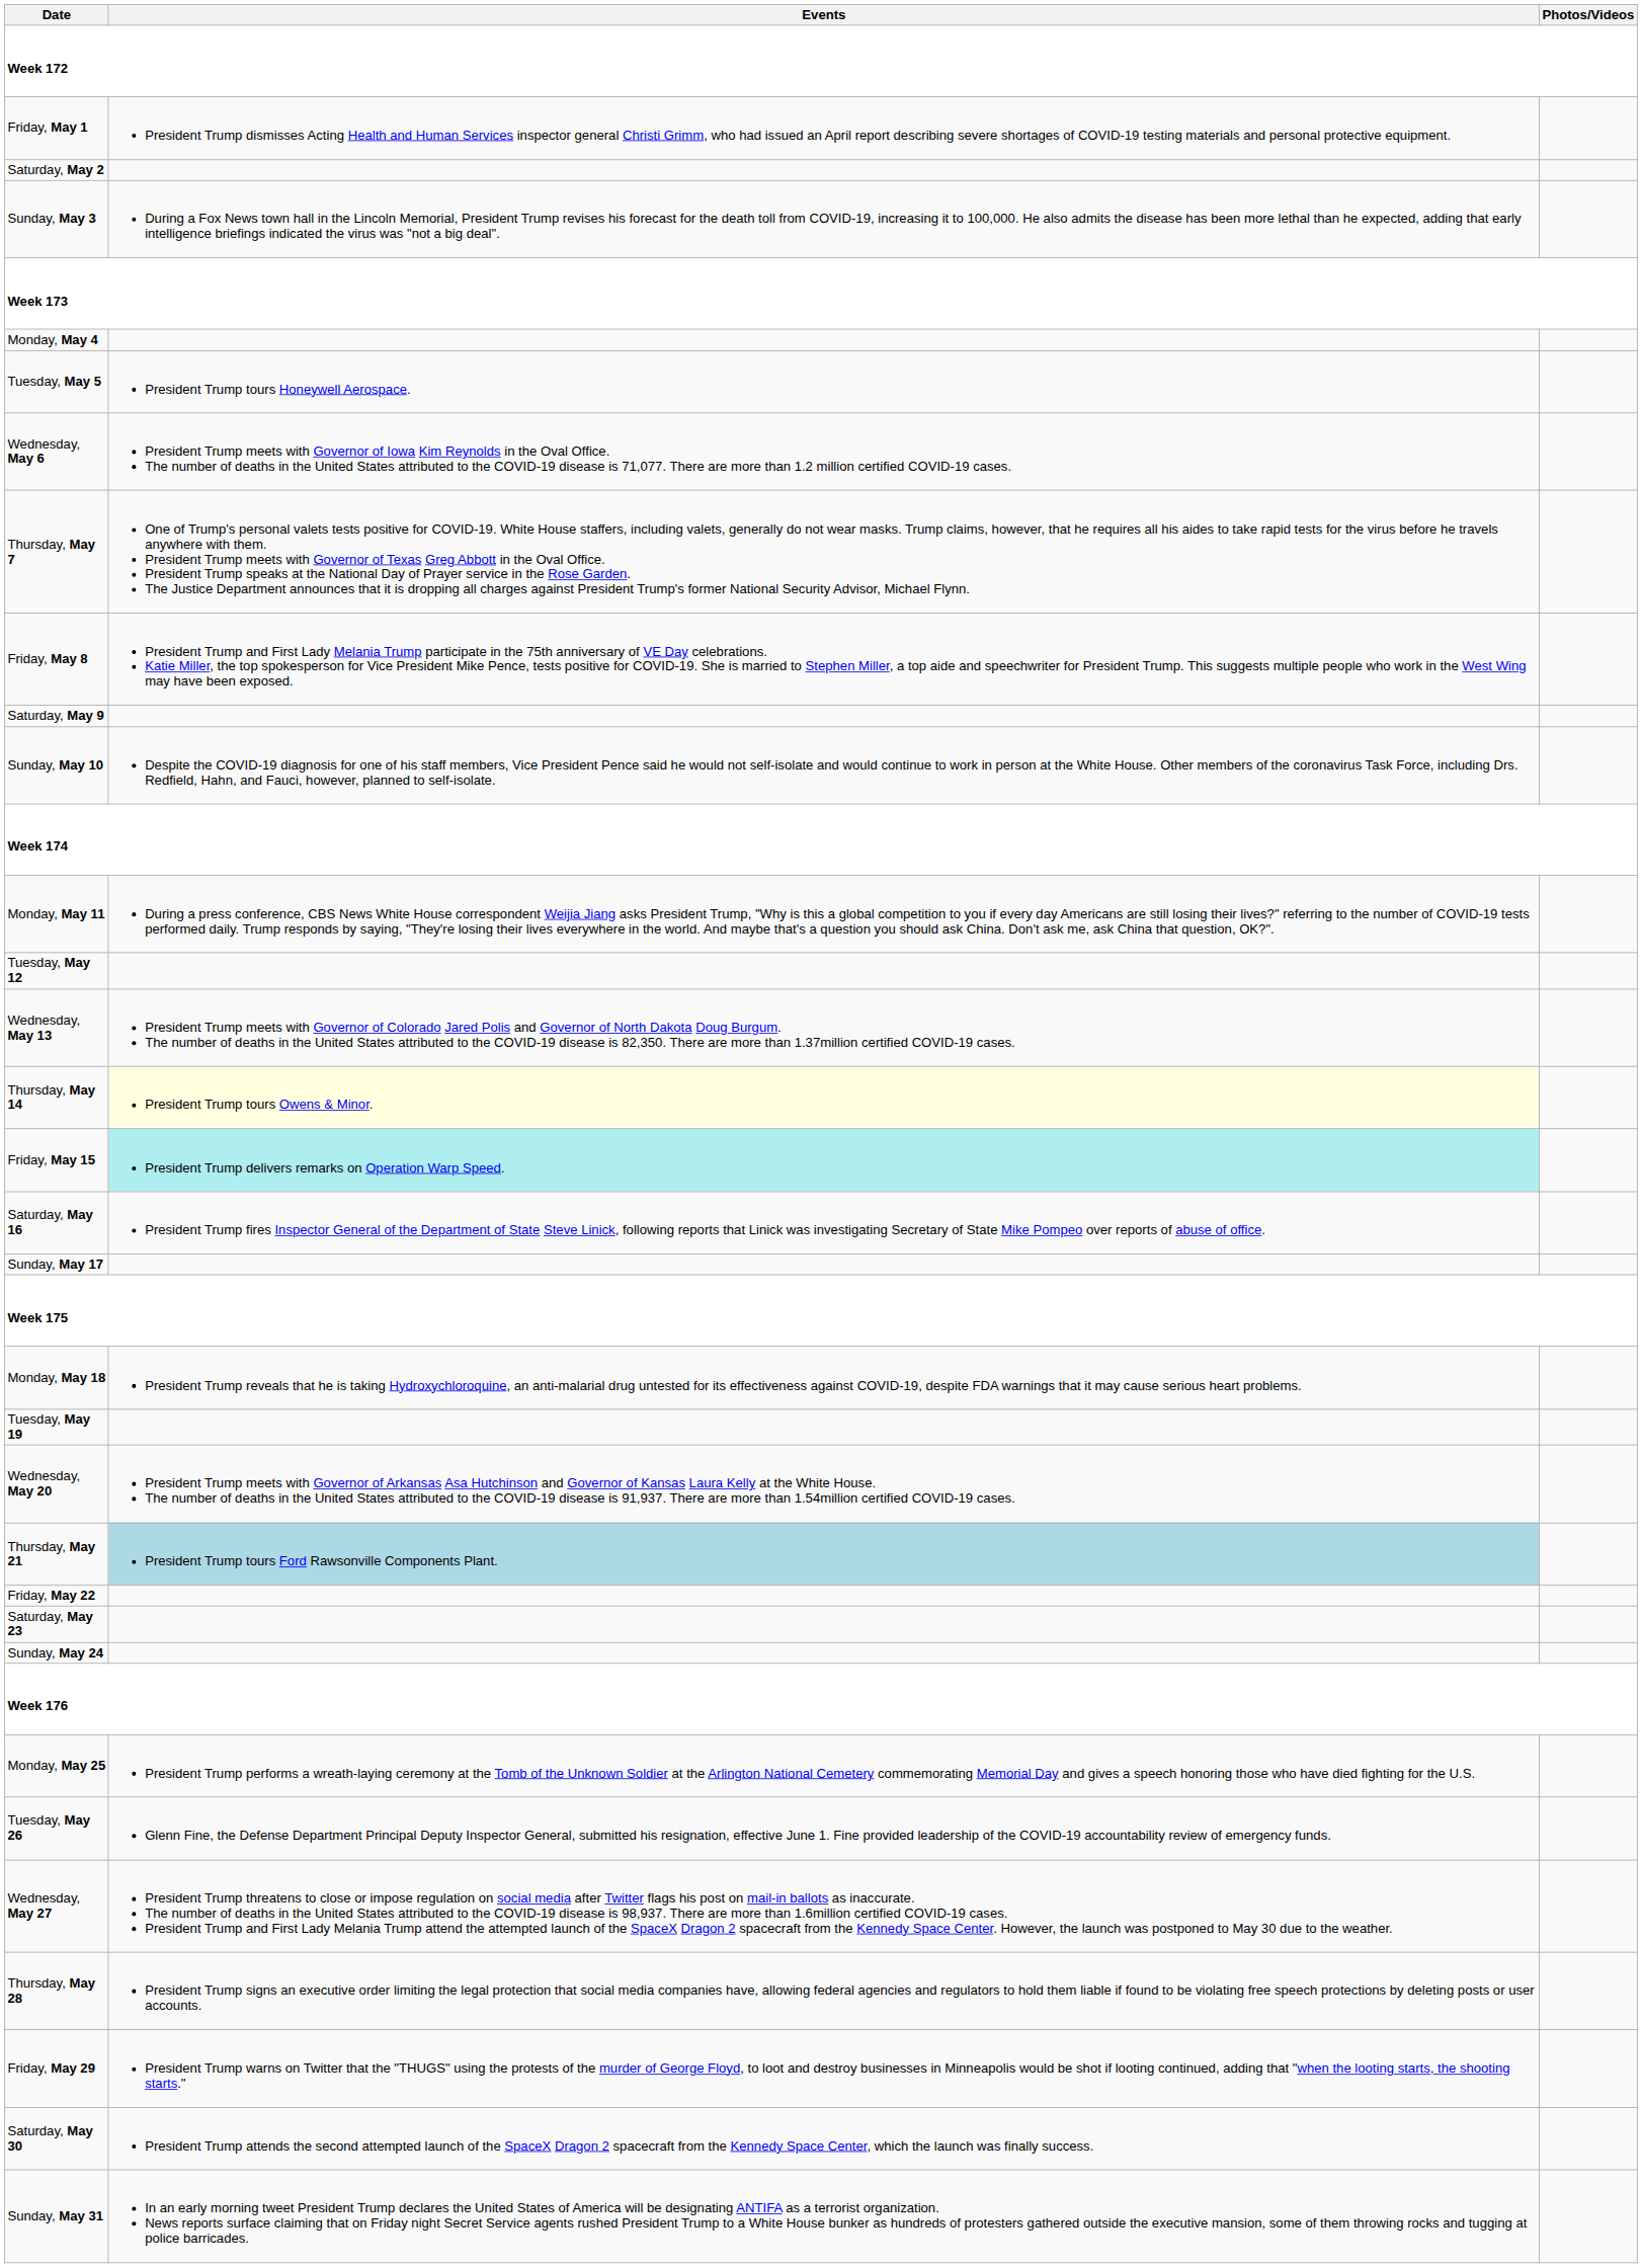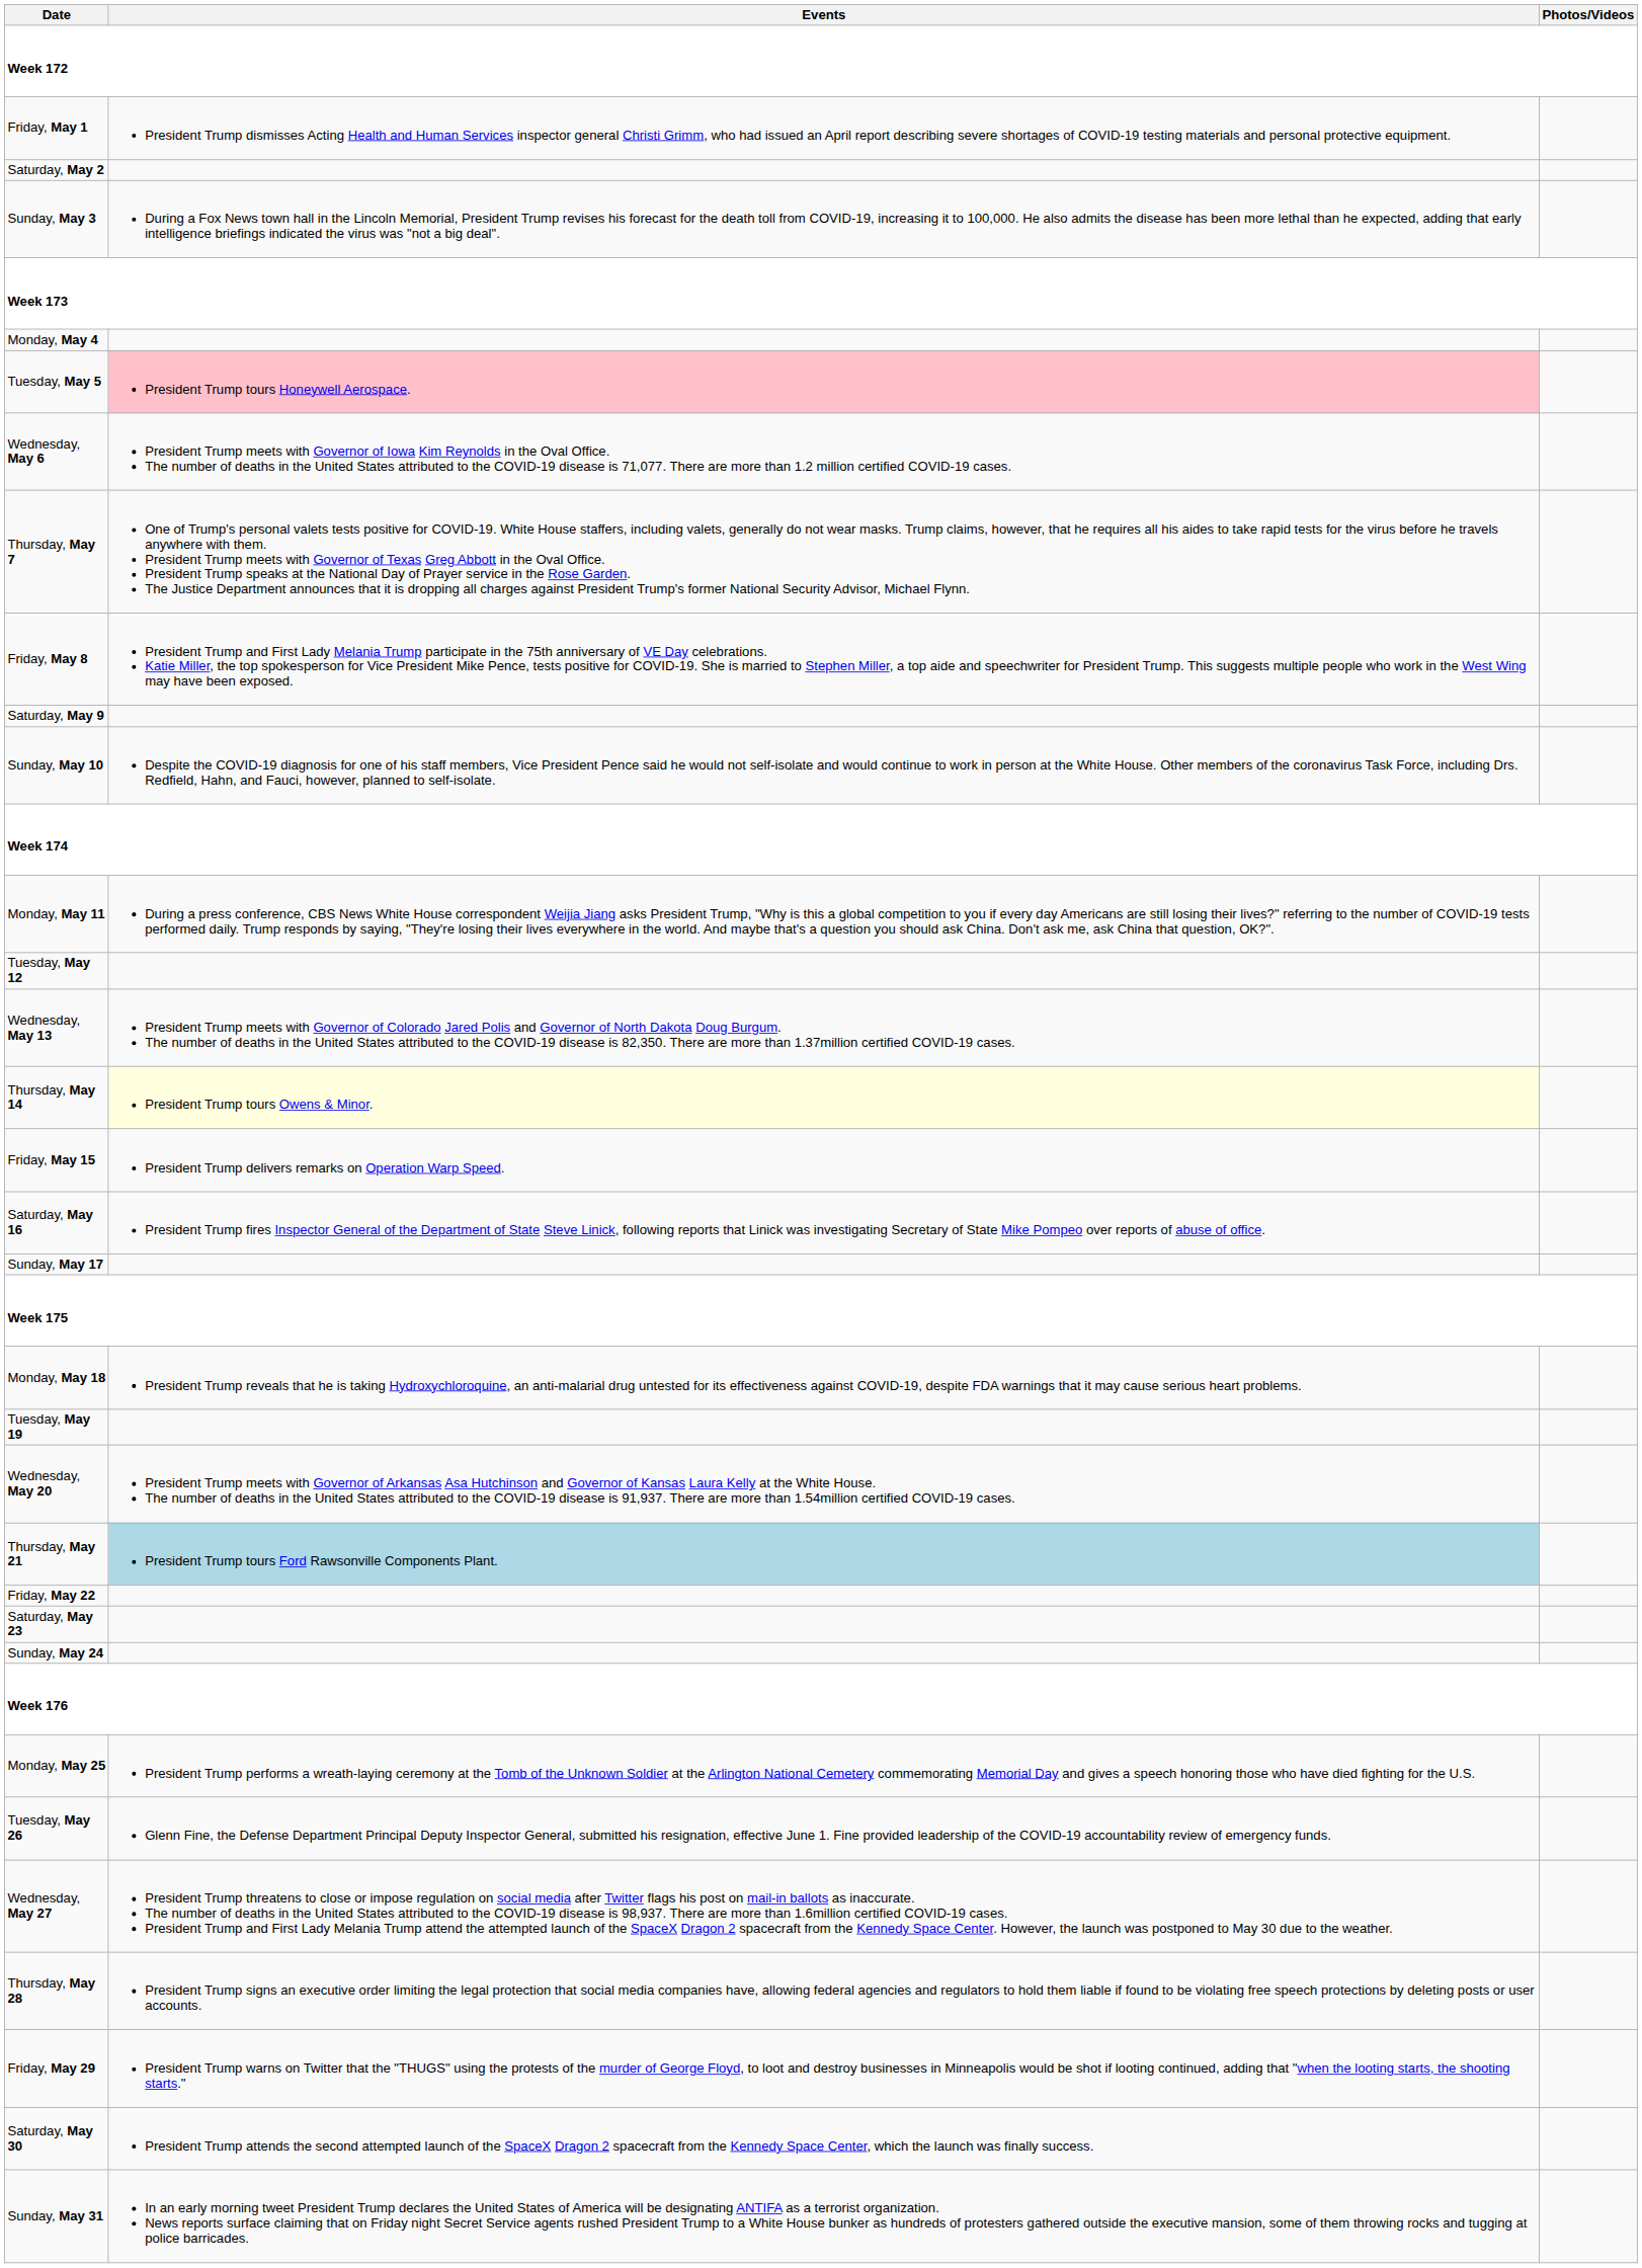 <table class="wikitable">
 <tr>
 <th>Date</th>
 <th>Events</th>
 <th>Photos/Videos</th>
 </tr>
 <tr style="background:white;">
 <td colspan="3"><br><h4>Week 172</h4></td>
 </tr>
 <tr>
 <td>Friday, <strong>May 1</strong></td>
 <td><br><ul><li>President Trump dismisses Acting <a href='#'>Health and Human Services</a> inspector general <a href='#'>Christi Grimm</a>, who had issued an April report describing severe shortages of COVID-19 testing materials and personal protective equipment.</li></ul></td>
 <td></td>
 </tr>
 <tr>
 <td>Saturday, <strong>May 2</strong></td>
 <td></td>
 <td></td>
 </tr>
 <tr>
 <td>Sunday, <strong>May 3</strong></td>
 <td><br><ul><li>During a Fox News town hall in the Lincoln Memorial, President Trump revises his forecast for the death toll from COVID-19, increasing it to 100,000. He also admits the disease has been more lethal than he expected, adding that early intelligence briefings indicated the virus was "not a big deal".</li></ul></td>
 <td></td>
 </tr>
 <tr style="background:white;">
 <td colspan="3"><br><h4>Week 173</h4></td>
 </tr>
 <tr>
 <td>Monday, <strong>May 4</strong></td>
 <td></td>
 <td></td>
 </tr>
 <tr>
 <td>Tuesday, <strong>May 5</strong></td>
-<td><br><ul><li>President Trump tours <a href='#'>Honeywell Aerospace</a>.</li></ul></td>
+<td style="background: pink;"><br><ul><li>President Trump tours <a href='#'>Honeywell Aerospace</a>.</li></ul></td>
 <td></td>
 </tr>
 <tr>
 <td>Wednesday, <strong>May 6</strong></td>
 <td><br><ul><li>President Trump meets with <a href='#'>Governor of Iowa</a> <a href='#'>Kim Reynolds</a> in the Oval Office.</li><li>The number of deaths in the United States attributed to the COVID-19 disease is 71,077. There are more than 1.2 million certified COVID-19 cases.</li></ul></td>
 <td></td>
 </tr>
 <tr>
 <td>Thursday, <strong>May 7</strong></td>
 <td><br><ul><li>One of Trump's personal valets tests positive for COVID-19. White House staffers, including valets, generally do not wear masks. Trump claims, however, that he requires all his aides to take rapid tests for the virus before he travels anywhere with them.</li><li>President Trump meets with <a href='#'>Governor of Texas</a> <a href='#'>Greg Abbott</a> in the Oval Office.</li><li>President Trump speaks at the National Day of Prayer service in the <a href='#'>Rose Garden</a>.</li><li>The Justice Department announces that it is dropping all charges against President Trump's former National Security Advisor, Michael Flynn.</li></ul></td>
 <td></td>
 </tr>
 <tr>
 <td>Friday, <strong>May 8</strong></td>
 <td><br><ul><li>President Trump and First Lady <a href='#'>Melania Trump</a> participate in the 75th anniversary of <a href='#'>VE Day</a> celebrations.</li><li><a href='#'>Katie Miller</a>, the top spokesperson for Vice President Mike Pence, tests positive for COVID-19. She is married to <a href='#'>Stephen Miller</a>, a top aide and speechwriter for President Trump. This suggests multiple people who work in the <a href='#'>West Wing</a> may have been exposed.</li></ul></td>
 <td></td>
 </tr>
 <tr>
 <td>Saturday, <strong>May 9</strong></td>
 <td></td>
 <td></td>
 </tr>
 <tr>
 <td>Sunday, <strong>May 10</strong></td>
 <td><br><ul><li>Despite the COVID-19 diagnosis for one of his staff members, Vice President Pence said he would not self-isolate and would continue to work in person at the White House. Other members of the coronavirus Task Force, including Drs. Redfield, Hahn, and Fauci, however, planned to self-isolate.</li></ul></td>
 <td></td>
 </tr>
 <tr style="background:white;">
 <td colspan="3"><br><h4>Week 174</h4></td>
 </tr>
 <tr>
 <td>Monday, <strong>May 11</strong></td>
 <td><br><ul><li>During a press conference, CBS News White House correspondent <a href='#'>Weijia Jiang</a> asks President Trump, "Why is this a global competition to you if every day Americans are still losing their lives?" referring to the number of COVID-19 tests performed daily. Trump responds by saying, "They're losing their lives everywhere in the world. And maybe that's a question you should ask China. Don't ask me, ask China that question, OK?".</li></ul></td>
 <td></td>
 </tr>
 <tr>
 <td>Tuesday, <strong>May 12</strong></td>
 <td></td>
 <td></td>
 </tr>
 <tr>
 <td>Wednesday, <strong>May 13</strong></td>
 <td><br><ul><li>President Trump meets with <a href='#'>Governor of Colorado</a> <a href='#'>Jared Polis</a> and <a href='#'>Governor of North Dakota</a> <a href='#'>Doug Burgum</a>.</li><li>The number of deaths in the United States attributed to the COVID-19 disease is 82,350. There are more than 1.37million certified COVID-19 cases.</li></ul></td>
 <td></td>
 </tr>
 <tr>
 <td>Thursday, <strong>May 14</strong></td>
 <td style="background: lightyellow;"><br><ul><li>President Trump tours <a href='#'>Owens & Minor</a>.</li></ul></td>
 <td></td>
 </tr>
 <tr>
 <td>Friday, <strong>May 15</strong></td>
-<td style="background: paleturquoise;"><br><ul><li>President Trump delivers remarks on <a href='#'>Operation Warp Speed</a>.</li></ul></td>
+<td><br><ul><li>President Trump delivers remarks on <a href='#'>Operation Warp Speed</a>.</li></ul></td>
 <td></td>
 </tr>
 <tr>
 <td>Saturday, <strong>May 16</strong></td>
 <td><br><ul><li>President Trump fires <a href='#'>Inspector General of the Department of State</a> <a href='#'>Steve Linick</a>, following reports that Linick was investigating Secretary of State <a href='#'>Mike Pompeo</a> over reports of <a href='#'>abuse of office</a>.</li></ul></td>
 <td></td>
 </tr>
 <tr>
 <td>Sunday, <strong>May 17</strong></td>
 <td></td>
 <td></td>
 </tr>
 <tr style="background:white;">
 <td colspan="3"><br><h4>Week 175</h4></td>
 </tr>
 <tr>
 <td>Monday, <strong>May 18</strong></td>
 <td><br><ul><li>President Trump reveals that he is taking <a href='#'>Hydroxychloroquine</a>, an anti-malarial drug untested for its effectiveness against COVID-19, despite FDA warnings that it may cause serious heart problems.</li></ul></td>
 <td></td>
 </tr>
 <tr>
 <td>Tuesday, <strong>May 19</strong></td>
 <td></td>
 <td></td>
 </tr>
 <tr>
 <td>Wednesday, <strong>May 20</strong></td>
 <td><br><ul><li>President Trump meets with <a href='#'>Governor of Arkansas</a> <a href='#'>Asa Hutchinson</a> and <a href='#'>Governor of Kansas</a> <a href='#'>Laura Kelly</a> at the White House.</li><li>The number of deaths in the United States attributed to the COVID-19 disease is 91,937. There are more than 1.54million certified COVID-19 cases.</li></ul></td>
 <td></td>
 </tr>
 <tr>
 <td>Thursday, <strong>May 21</strong></td>
 <td style="background: lightblue;"><br><ul><li>President Trump tours <a href='#'>Ford</a> Rawsonville Components Plant.</li></ul></td>
 <td></td>
 </tr>
 <tr>
 <td>Friday, <strong>May 22</strong></td>
 <td></td>
 <td></td>
 </tr>
 <tr>
 <td>Saturday, <strong>May 23</strong></td>
 <td></td>
 <td></td>
 </tr>
 <tr>
 <td>Sunday, <strong>May 24</strong></td>
 <td></td>
 <td></td>
 </tr>
 <tr style="background:white;">
 <td colspan="3"><br><h4>Week 176</h4></td>
 </tr>
 <tr>
 <td>Monday, <strong>May 25</strong></td>
 <td><br><ul><li>President Trump performs a wreath-laying ceremony at the <a href='#'>Tomb of the Unknown Soldier</a> at the <a href='#'>Arlington National Cemetery</a> commemorating <a href='#'>Memorial Day</a> and gives a speech honoring those who have died fighting for the U.S.</li></ul></td>
 <td></td>
 </tr>
 <tr>
 <td>Tuesday, <strong>May 26</strong></td>
 <td><br><ul><li>Glenn Fine, the Defense Department Principal Deputy Inspector General, submitted his resignation, effective June 1. Fine provided leadership of the COVID-19 accountability review of emergency funds.</li></ul></td>
 <td></td>
 </tr>
 <tr>
 <td>Wednesday, <strong>May 27</strong></td>
 <td><br><ul><li>President Trump threatens to close or impose regulation on <a href='#'>social media</a> after <a href='#'>Twitter</a> flags his post on <a href='#'>mail-in ballots</a> as inaccurate.</li><li>The number of deaths in the United States attributed to the COVID-19 disease is 98,937. There are more than 1.6million certified COVID-19 cases.</li><li>President Trump and First Lady Melania Trump attend the attempted launch of the <a href='#'>SpaceX</a> <a href='#'>Dragon 2</a> spacecraft from the <a href='#'>Kennedy Space Center</a>. However, the launch was postponed to May 30 due to the weather.</li></ul></td>
 <td></td>
 </tr>
 <tr>
 <td>Thursday, <strong>May 28</strong></td>
 <td><br><ul><li>President Trump signs an executive order limiting the legal protection that social media companies have, allowing federal agencies and regulators to hold them liable if found to be violating free speech protections by deleting posts or user accounts.</li></ul></td>
 <td></td>
 </tr>
 <tr>
 <td>Friday, <strong>May 29</strong></td>
 <td><br><ul><li>President Trump warns on Twitter that the "THUGS" using the protests of the <a href='#'>murder of George Floyd</a>, to loot and destroy businesses in Minneapolis would be shot if looting continued, adding that "<a href='#'>when the looting starts, the shooting starts</a>."</li></ul></td>
 <td></td>
 </tr>
 <tr>
 <td>Saturday, <strong>May 30</strong></td>
 <td><br><ul><li>President Trump attends the second attempted launch of the <a href='#'>SpaceX</a> <a href='#'>Dragon 2</a> spacecraft from the <a href='#'>Kennedy Space Center</a>, which the launch was finally success.</li></ul></td>
 <td></td>
 </tr>
 <tr>
 <td>Sunday, <strong>May 31</strong></td>
 <td><br><ul><li>In an early morning tweet President Trump declares the United States of America will be designating <a href='#'>ANTIFA</a> as a terrorist organization.</li><li>News reports surface claiming that on Friday night Secret Service agents rushed President Trump to a White House bunker as hundreds of protesters gathered outside the executive mansion, some of them throwing rocks and tugging at police barricades.</li></ul></td>
 <td></td>
 </tr>
 </table>
